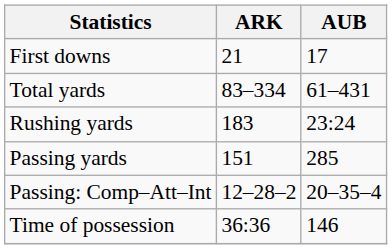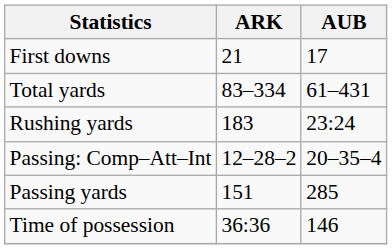 <table class="wikitable" style="float: left;">
 <tr>
 <th>Statistics</th>
 <th>ARK</th>
 <th>AUB</th>
 </tr>
 <tr>
 <td>First downs</td>
 <td>21</td>
 <td>17</td>
 </tr>
 <tr>
 <td>Total yards</td>
 <td>83–334</td>
 <td>61–431</td>
 </tr>
 <tr>
 <td>Rushing yards</td>
 <td>183</td>
 <td>23:24</td>
 </tr>
 <tr>
+<td>Passing: Comp–Att–Int</td>
+<td>12–28–2</td>
+<td>20–35–4</td>
+</tr>
+<tr>
 <td>Passing yards</td>
 <td>151</td>
 <td>285</td>
-</tr>
-<tr>
-<td>Passing: Comp–Att–Int</td>
-<td>12–28–2</td>
-<td>20–35–4</td>
 </tr>
 <tr>
 <td>Time of possession</td>
 <td>36:36</td>
 <td>146</td>
 </tr>
 <tr>
 </tr>
 </table>
